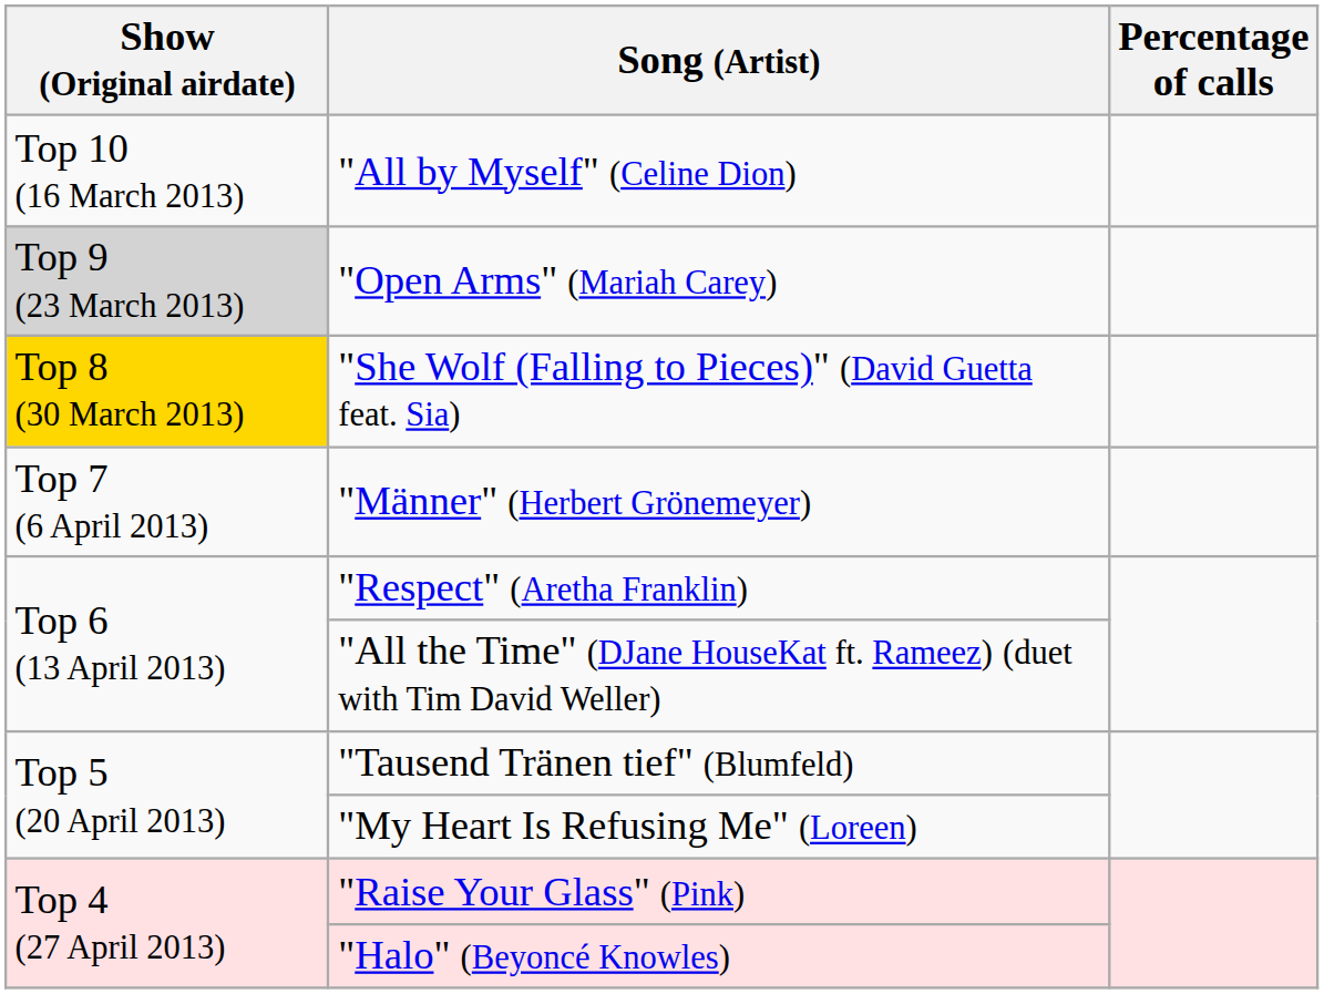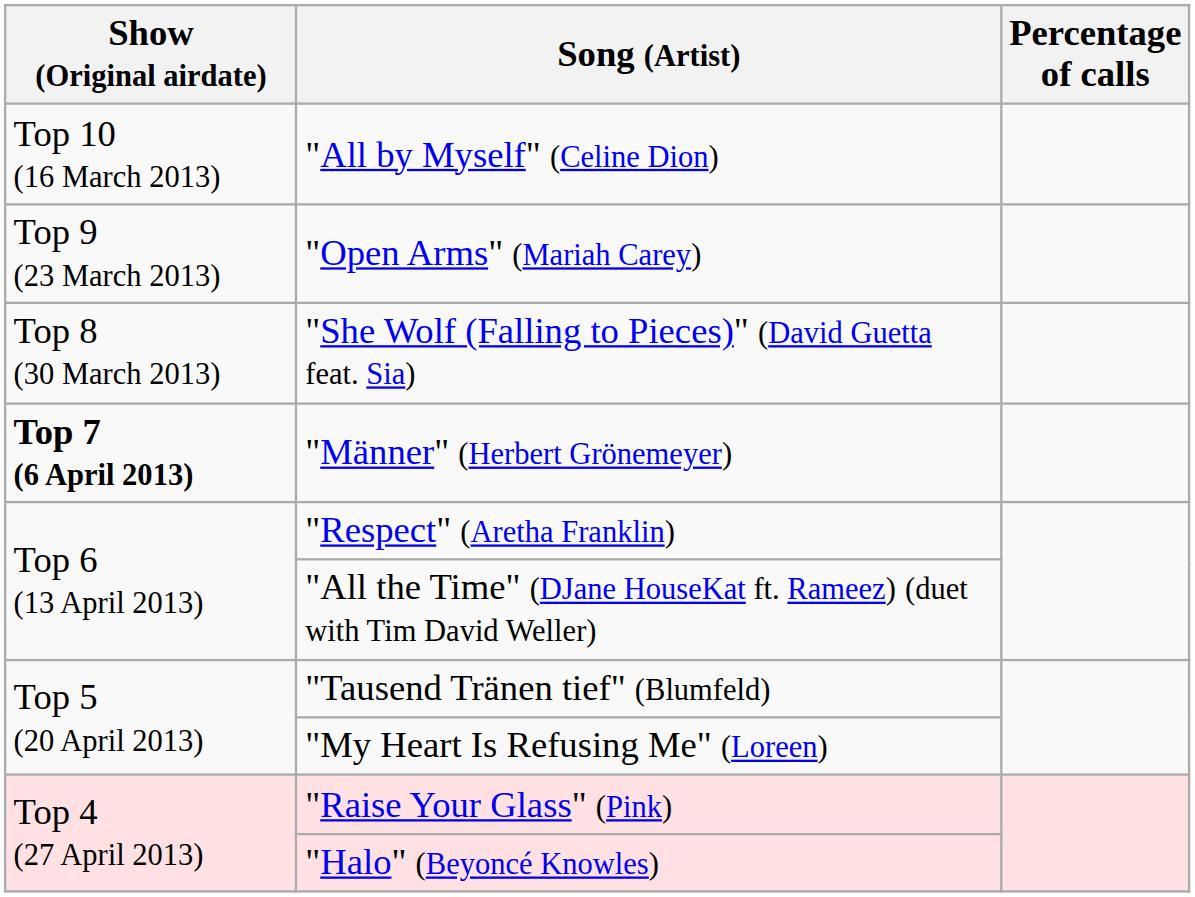 <table class="wikitable">
 <tr>
 <th style="width:120px;">Show<br><small>(Original airdate)</small></th>
 <th style="width:300px;">Song <small>(Artist)</small></th>
 <th style="width:28px;">Percentage of calls</th>
 </tr>
 <tr>
 <td align="left">Top 10<br><small>(16 March 2013)</small></td>
 <td align="left">"<a href='#'>All by Myself</a>" <small>(<a href='#'>Celine Dion</a>)</small></td>
 <td style="text-align:center;"></td>
 </tr>
 <tr>
-<td align="left" style="background: lightgrey;">Top 9<br><small>(23 March 2013)</small></td>
+<td align="left">Top 9<br><small>(23 March 2013)</small></td>
 <td align="left">"<a href='#'>Open Arms</a>" <small>(<a href='#'>Mariah Carey</a>)</small></td>
 <td style="text-align:center;"></td>
 </tr>
 <tr>
-<td align="left" style="background: gold;">Top 8<br><small>(30 March 2013)</small></td>
+<td align="left">Top 8<br><small>(30 March 2013)</small></td>
 <td align="left">"<a href='#'>She Wolf (Falling to Pieces)</a>" <small>(<a href='#'>David Guetta</a> feat. <a href='#'>Sia</a>)</small></td>
 <td style="text-align:center;"></td>
 </tr>
 <tr>
-<td align="left">Top 7<br><small>(6 April 2013)</small></td>
+<td align="left"><strong>Top 7<br><small>(6 April 2013)</small></strong></td>
 <td align="left">"<a href='#'>Männer</a>" <small>(<a href='#'>Herbert Grönemeyer</a>)</small></td>
 <td style="text-align:center;"></td>
 </tr>
 <tr>
 <td align="left" rowspan=2>Top 6<br><small>(13 April 2013)</small></td>
 <td align="left">"<a href='#'>Respect</a>" <small>(<a href='#'>Aretha Franklin</a>)</small></td>
 <td style="text-align:center;" rowspan=2></td>
 </tr>
 <tr>
 <td align="left">"All the Time" <small>(<a href='#'>DJane HouseKat</a> ft. <a href='#'>Rameez</a>)</small> <small>(duet with Tim David Weller)</small></td>
 </tr>
 <tr>
 <td align="left" rowspan=2>Top 5<br><small>(20 April 2013)</small></td>
 <td align="left">"Tausend Tränen tief" <small>(Blumfeld)</small></td>
 <td rowspan=2></td>
 </tr>
 <tr>
 <td align="left">"My Heart Is Refusing Me" <small>(<a href='#'>Loreen</a>)</small></td>
 </tr>
 <tr bgcolor="#FFE1E4">
 <td align="left" rowspan=2>Top 4<br><small>(27 April 2013)</small></td>
 <td align="left">"<a href='#'>Raise Your Glass</a>" <small>(<a href='#'>Pink</a>)</small></td>
 <td rowspan=2></td>
 </tr>
 <tr bgcolor="#FFE1E4">
 <td align="left">"<a href='#'>Halo</a>" <small>(<a href='#'>Beyoncé Knowles</a>)</small></td>
 </tr>
 </table>
